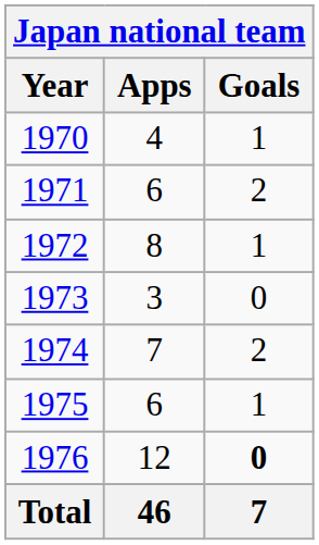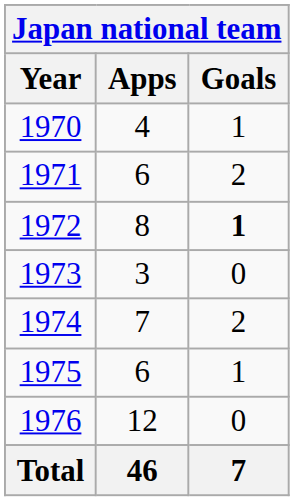 <table class="wikitable" style="text-align:center">
 <tr>
 <th colspan=3><a href='#'>Japan national team</a></th>
 </tr>
 <tr>
 <th>Year</th>
 <th>Apps</th>
 <th>Goals</th>
 </tr>
 <tr>
 <td><a href='#'>1970</a></td>
 <td>4</td>
 <td>1</td>
 </tr>
 <tr>
 <td><a href='#'>1971</a></td>
 <td>6</td>
 <td>2</td>
 </tr>
 <tr>
 <td><a href='#'>1972</a></td>
 <td>8</td>
-<td>1</td>
+<td><strong>1</strong></td>
 </tr>
 <tr>
 <td><a href='#'>1973</a></td>
 <td>3</td>
 <td>0</td>
 </tr>
 <tr>
 <td><a href='#'>1974</a></td>
 <td>7</td>
 <td>2</td>
 </tr>
 <tr>
 <td><a href='#'>1975</a></td>
 <td>6</td>
 <td>1</td>
 </tr>
 <tr>
 <td><a href='#'>1976</a></td>
 <td>12</td>
-<td><strong>0</strong></td>
+<td>0</td>
 </tr>
 <tr>
 <th>Total</th>
 <th>46</th>
 <th>7</th>
 </tr>
 </table>
